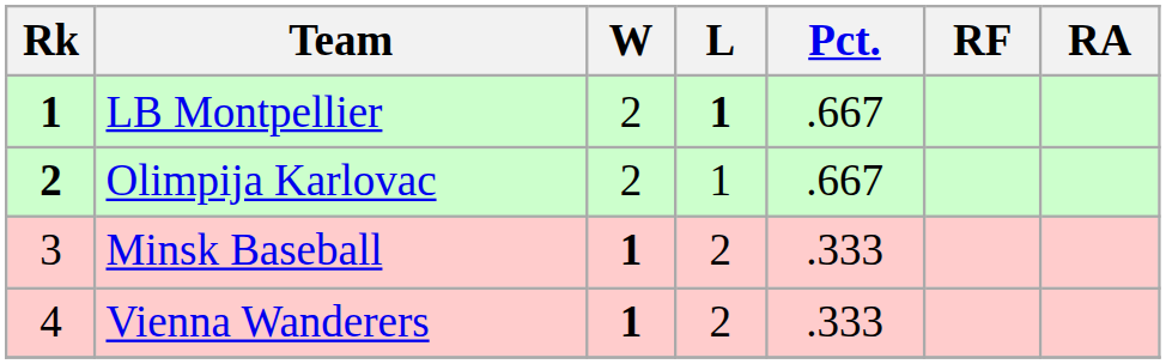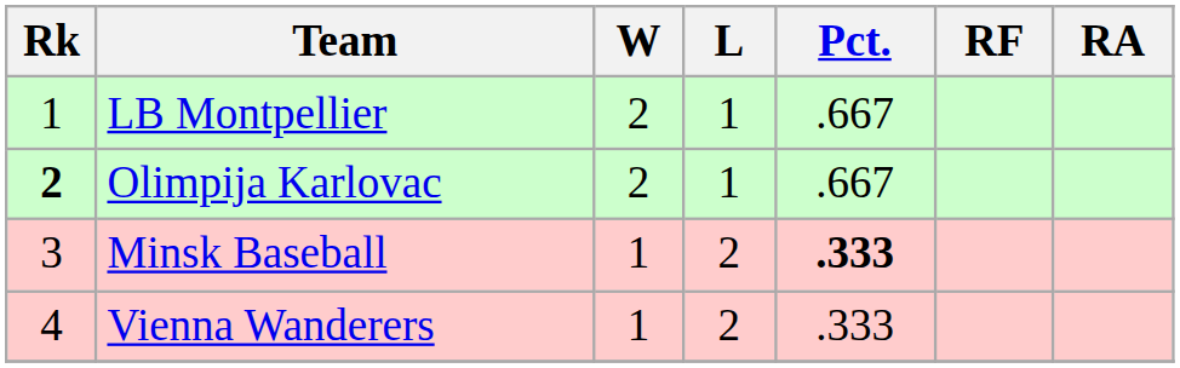 <table class="wikitable" style="text-align:center">
 <tr>
 <th width="25">Rk</th>
 <th width="170">Team</th>
 <th width="25">W</th>
 <th width="25">L</th>
 <th width="50"><a href='#'>Pct.</a></th>
 <th width="35">RF</th>
 <th width="35">RA</th>
 </tr>
 <tr style="background-color:#ccffcc;">
-<td><strong>1</strong></td>
+<td>1</td>
 <td style="text-align:left;"> <a href='#'>LB Montpellier</a></td>
 <td>2</td>
-<td><strong>1</strong></td>
+<td>1</td>
 <td>.667</td>
 <td></td>
 <td></td>
 </tr>
 <tr style="background-color:#ccffcc;">
 <td><strong>2</strong></td>
 <td style="text-align:left;"> <a href='#'>Olimpija Karlovac</a></td>
 <td>2</td>
 <td>1</td>
 <td>.667</td>
 <td></td>
 <td></td>
 </tr>
 <tr style="background-color:#ffcccc;">
 <td>3</td>
 <td style="text-align:left;"> <a href='#'>Minsk Baseball</a></td>
-<td><strong>1</strong></td>
+<td>1</td>
 <td>2</td>
-<td>.333</td>
+<td><strong>.333</strong></td>
 <td></td>
 <td></td>
 </tr>
 <tr style="background-color:#ffcccc;">
 <td>4</td>
 <td style="text-align:left;"> <a href='#'>Vienna Wanderers</a></td>
-<td><strong>1</strong></td>
+<td>1</td>
 <td>2</td>
 <td>.333</td>
 <td></td>
 <td></td>
 </tr>
 <tr style="background-color:#ffcccc;">
 </tr>
 </table>
